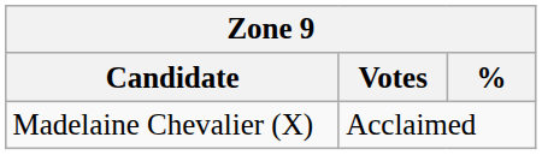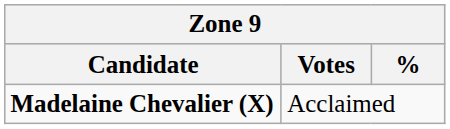 <table class="wikitable">
 <tr>
 <th colspan="3">Zone 9</th>
 </tr>
 <tr>
 <th style="width: 170px">Candidate</th>
 <th style="width: 50px">Votes</th>
 <th style="width: 40px">%</th>
 </tr>
 <tr>
-<td>Madelaine Chevalier (X)</td>
+<td><strong>Madelaine Chevalier (X)</strong></td>
 <td colspan="2">Acclaimed</td>
 </tr>
 </table>
